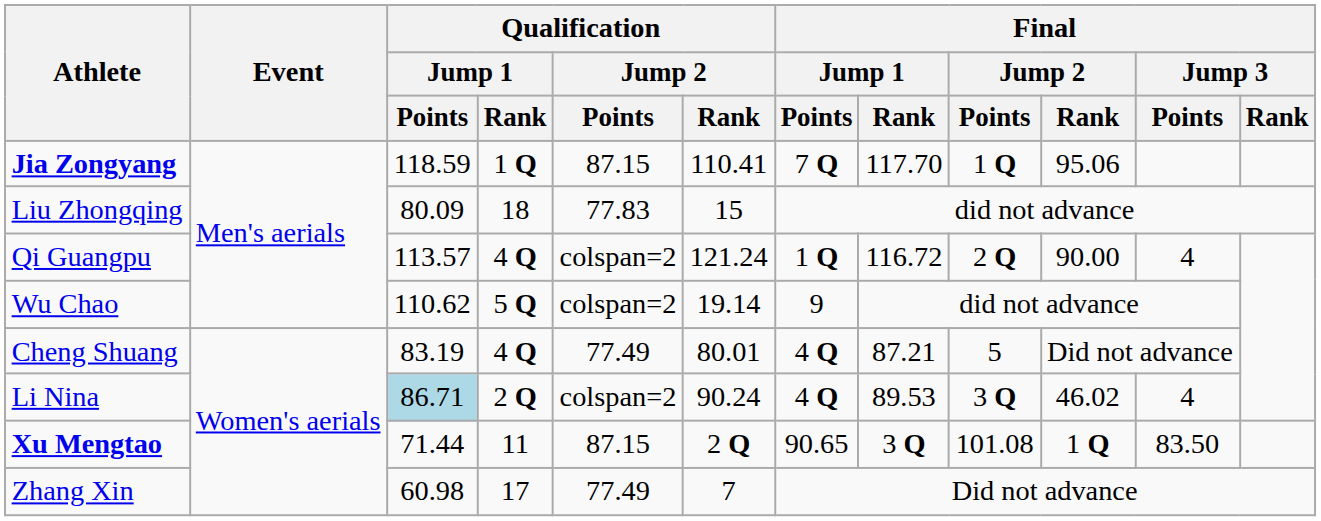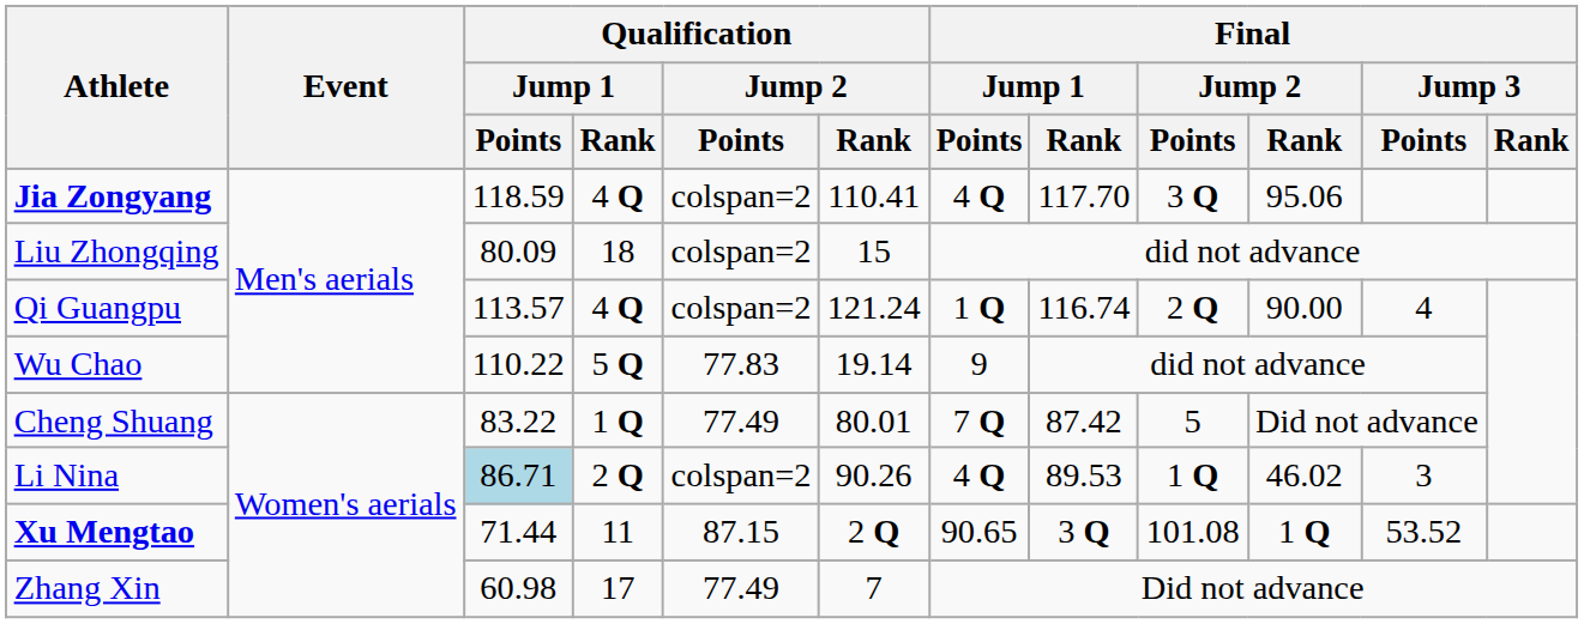 <table class="wikitable" style="font-size:90%">
 <tr>
 <th rowspan="3">Athlete</th>
 <th rowspan="3">Event</th>
 <th colspan="4">Qualification</th>
 <th colspan="6">Final</th>
 </tr>
 <tr style="font-size:95%">
 <th colspan=2>Jump 1</th>
 <th colspan=2>Jump 2</th>
 <th colspan=2>Jump 1</th>
 <th colspan=2>Jump 2</th>
 <th colspan=2>Jump 3</th>
 </tr>
 <tr style="font-size:95%">
 <th>Points</th>
 <th>Rank</th>
 <th>Points</th>
 <th>Rank</th>
 <th>Points</th>
 <th>Rank</th>
 <th>Points</th>
 <th>Rank</th>
 <th>Points</th>
 <th>Rank</th>
 </tr>
 <tr align=center>
 <td align=left><strong><a href='#'>Jia Zongyang</a></strong></td>
 <td align=left rowspan=4><a href='#'>Men's aerials</a></td>
 <td>118.59</td>
-<td>1 <strong>Q</strong></td>
-<td>87.15</td>
+<td>4 <strong>Q</strong></td>
+<td>colspan=2 </td>
 <td>110.41</td>
-<td>7 <strong>Q</strong></td>
+<td>4 <strong>Q</strong></td>
 <td>117.70</td>
-<td>1 <strong>Q</strong></td>
+<td>3 <strong>Q</strong></td>
 <td>95.06</td>
 <td></td>
 </tr>
 <tr align=center>
 <td align=left><a href='#'>Liu Zhongqing</a></td>
 <td>80.09</td>
 <td>18</td>
-<td>77.83</td>
+<td>colspan=2 </td>
 <td>15</td>
 <td colspan=6>did not advance</td>
 </tr>
 <tr align=center>
 <td align=left><a href='#'>Qi Guangpu</a></td>
 <td>113.57</td>
 <td>4 <strong>Q</strong></td>
 <td>colspan=2 </td>
 <td>121.24</td>
 <td>1 <strong>Q</strong></td>
-<td>116.72</td>
+<td>116.74</td>
 <td>2 <strong>Q</strong></td>
 <td>90.00</td>
 <td>4</td>
 </tr>
 <tr align=center>
 <td align=left><a href='#'>Wu Chao</a></td>
-<td>110.62</td>
+<td>110.22</td>
 <td>5 <strong>Q</strong></td>
-<td>colspan=2 </td>
+<td>77.83</td>
 <td>19.14</td>
 <td>9</td>
 <td colspan=4>did not advance</td>
 </tr>
 <tr align=center>
 <td align=left><a href='#'>Cheng Shuang</a></td>
 <td align=left rowspan=4><a href='#'>Women's aerials</a></td>
-<td>83.19</td>
-<td>4 <strong>Q</strong></td>
+<td>83.22</td>
+<td>1 <strong>Q</strong></td>
 <td>77.49</td>
 <td>80.01</td>
-<td>4 <strong>Q</strong></td>
-<td>87.21</td>
+<td>7 <strong>Q</strong></td>
+<td>87.42</td>
 <td>5</td>
 <td colspan=2>Did not advance</td>
 </tr>
 <tr align=center>
 <td align=left><a href='#'>Li Nina</a></td>
 <td style="background: lightblue;">86.71</td>
 <td>2 <strong>Q</strong></td>
 <td>colspan=2 </td>
-<td>90.24</td>
+<td>90.26</td>
 <td>4 <strong>Q</strong></td>
 <td>89.53</td>
-<td>3 <strong>Q</strong></td>
+<td>1 <strong>Q</strong></td>
 <td>46.02</td>
-<td>4</td>
+<td>3</td>
 </tr>
 <tr align=center>
 <td align=left><strong><a href='#'>Xu Mengtao</a></strong></td>
 <td>71.44</td>
 <td>11</td>
 <td>87.15</td>
 <td>2 <strong>Q</strong></td>
 <td>90.65</td>
 <td>3 <strong>Q</strong></td>
 <td>101.08</td>
 <td>1 <strong>Q</strong></td>
-<td>83.50</td>
+<td>53.52</td>
 <td></td>
 </tr>
 <tr align=center>
 <td align=left><a href='#'>Zhang Xin</a></td>
 <td>60.98</td>
 <td>17</td>
 <td>77.49</td>
 <td>7</td>
 <td colspan=6>Did not advance</td>
 </tr>
 </table>
